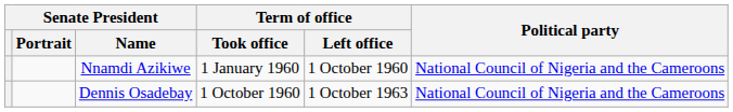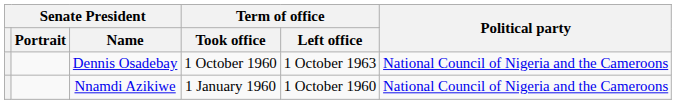 <table class=wikitable style=text-align:center>
 <tr>
 <th colspan=3>Senate President</th>
 <th colspan=2>Term of office</th>
 <th rowspan=2>Political party</th>
 </tr>
 <tr>
 <th></th>
 <th>Portrait</th>
 <th>Name</th>
 <th>Took office</th>
 <th>Left office</th>
 </tr>
 <tr>
 <th style="background:"></th>
 <td></td>
+<td><a href='#'>Dennis Osadebay</a></td>
+<td>1 October 1960</td>
+<td>1 October 1963</td>
+<td><a href='#'>National Council of Nigeria and the Cameroons</a></td>
+</tr>
+<tr>
+<th style="background:"></th>
+<td></td>
 <td><a href='#'>Nnamdi Azikiwe</a></td>
 <td>1 January 1960</td>
 <td>1 October 1960</td>
 <td><a href='#'>National Council of Nigeria and the Cameroons</a></td>
 </tr>
-<tr>
-<th style="background:"></th>
-<td></td>
-<td><a href='#'>Dennis Osadebay</a></td>
-<td>1 October 1960</td>
-<td>1 October 1963</td>
-<td><a href='#'>National Council of Nigeria and the Cameroons</a></td>
-</tr>
 </table>
